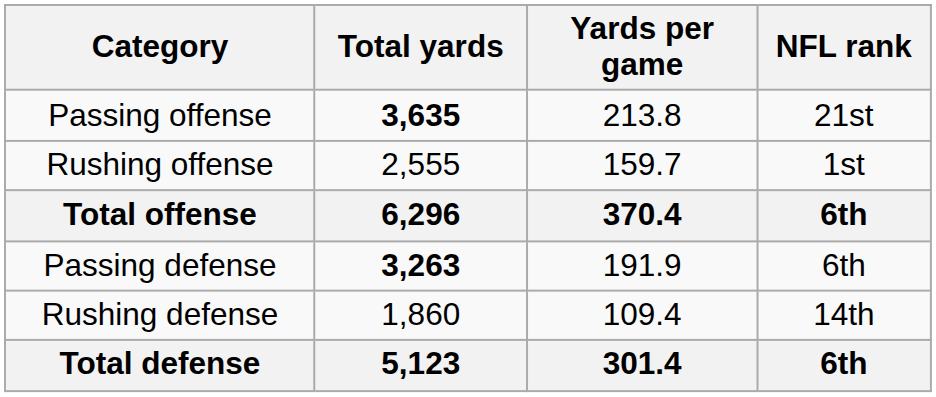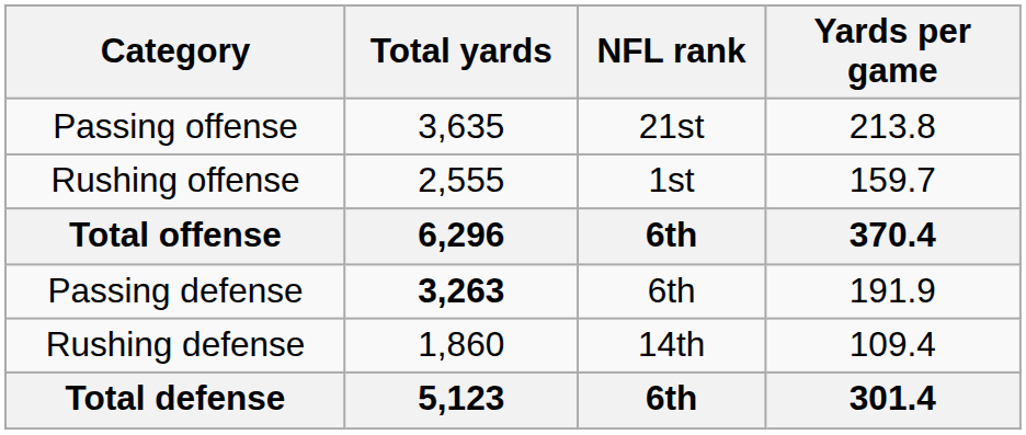 <table class="wikitable" style="text-align:center">
 <tr>
 <th width="150">Category</th>
 <th width="100">Total yards</th>
+<th width="80">NFL rank<br></th>
 <th width="110">Yards per game</th>
-<th width="80">NFL rank<br></th>
 </tr>
 <tr>
 <td>Passing offense</td>
-<td><strong>3,635</strong></td>
+<td>3,635</td>
+<td>21st</td>
 <td>213.8</td>
-<td>21st</td>
 </tr>
 <tr>
 <td>Rushing offense</td>
 <td>2,555</td>
+<td>1st</td>
 <td>159.7</td>
-<td>1st</td>
 </tr>
 <tr>
 <th>Total offense</th>
 <th>6,296</th>
+<th>6th</th>
 <th>370.4</th>
-<th>6th</th>
 </tr>
 <tr>
 <td>Passing defense</td>
 <td><strong>3,263</strong></td>
+<td>6th</td>
 <td>191.9</td>
-<td>6th</td>
 </tr>
 <tr>
 <td>Rushing defense</td>
 <td>1,860</td>
+<td>14th</td>
 <td>109.4</td>
-<td>14th</td>
 </tr>
 <tr>
 <th>Total defense</th>
 <th>5,123</th>
+<th>6th</th>
 <th>301.4</th>
-<th>6th</th>
 </tr>
 </table>
